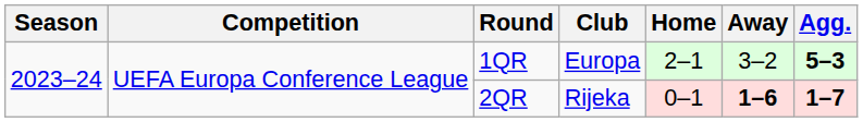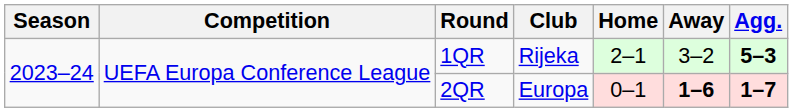 <table class="wikitable">
 <tr>
 <th>Season</th>
 <th>Competition</th>
 <th>Round</th>
 <th>Club</th>
 <th>Home</th>
 <th>Away</th>
 <th><a href='#'>Agg.</a></th>
 </tr>
 <tr>
 <td rowspan=2><a href='#'>2023–24</a></td>
 <td rowspan=2><a href='#'>UEFA Europa Conference League</a></td>
 <td><a href='#'>1QR</a></td>
-<td> <a href='#'>Europa</a></td>
+<td> <a href='#'>Rijeka</a></td>
 <td style="text-align:center;" bgcolor="#ddffdd">2–1</td>
 <td style="text-align:center;" bgcolor="#ddffdd">3–2</td>
 <td style="text-align:center;" bgcolor="#ddffdd"><strong>5–3</strong></td>
 </tr>
 <tr>
 <td><a href='#'>2QR</a></td>
-<td> <a href='#'>Rijeka</a></td>
+<td> <a href='#'>Europa</a></td>
 <td style="text-align:center;" bgcolor="#ffdddd">0–1</td>
 <td style="text-align:center;" bgcolor="#ffdddd"><strong>1–6</strong></td>
 <td style="text-align:center;" bgcolor="#ffdddd"><strong>1–7</strong></td>
 </tr>
 </table>
